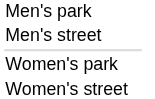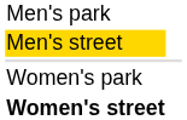 <table>
 <tr>
 <td>Men's park<br></td>
 <td></td>
 <td></td>
 <td></td>
 </tr>
 <tr>
-<td>Men's street<br></td>
+<td style="background: gold;">Men's street<br></td>
 <td></td>
 <td></td>
 <td></td>
 </tr>
 <tr bgcolor=#DDDDDD>
 <td colspan=7></td>
 </tr>
 <tr>
 <td>Women's park<br></td>
 <td></td>
 <td></td>
 <td></td>
 </tr>
 <tr>
-<td>Women's street<br></td>
+<td><strong>Women's street<br></strong></td>
 <td></td>
 <td></td>
 <td></td>
 </tr>
 </table>
